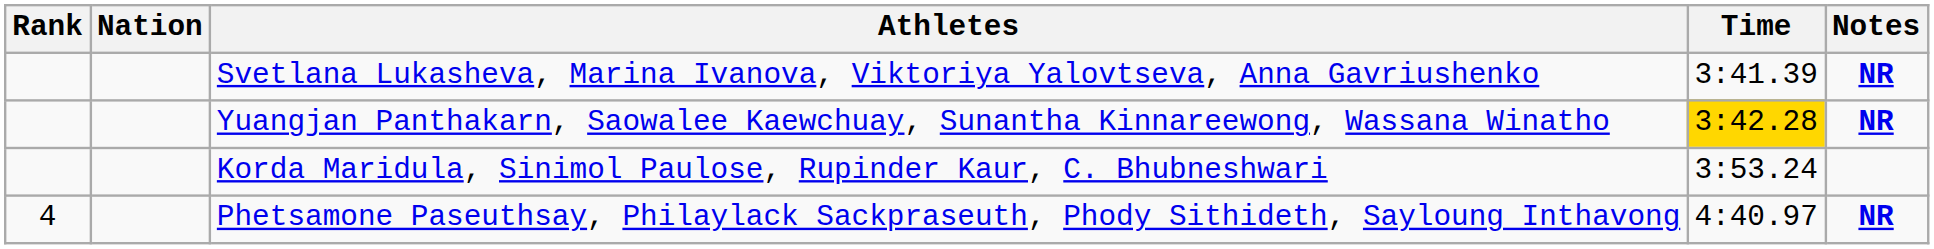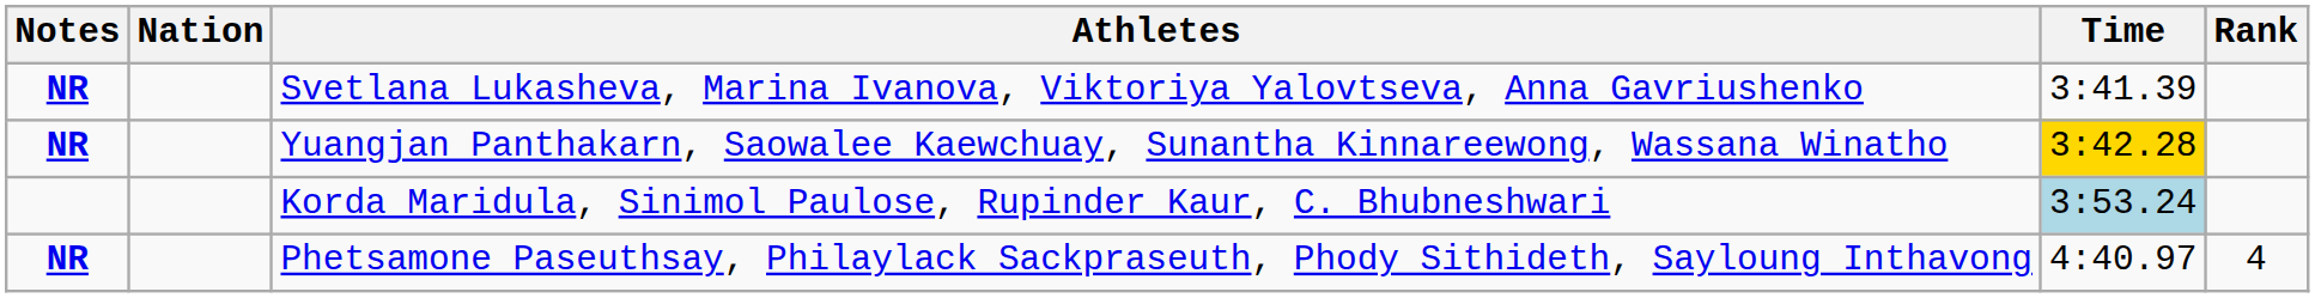 <table class="wikitable sortable" style="text-align:center;font-size:95%">
 <tr>
-<th>Rank</th>
+<th>Notes</th>
 <th>Nation</th>
 <th>Athletes</th>
 <th>Time</th>
-<th>Notes</th>
+<th>Rank</th>
 </tr>
 <tr>
-<td></td>
+<td><strong><a href='#'>NR</a></strong></td>
 <td align=left></td>
 <td align=left><a href='#'>Svetlana Lukasheva</a>, <a href='#'>Marina Ivanova</a>, <a href='#'>Viktoriya Yalovtseva</a>, <a href='#'>Anna Gavriushenko</a></td>
 <td>3:41.39</td>
-<td><strong><a href='#'>NR</a></strong></td>
+<td></td>
 </tr>
 <tr>
-<td></td>
+<td><strong><a href='#'>NR</a></strong></td>
 <td align=left></td>
 <td align=left><a href='#'>Yuangjan Panthakarn</a>, <a href='#'>Saowalee Kaewchuay</a>, <a href='#'>Sunantha Kinnareewong</a>, <a href='#'>Wassana Winatho</a></td>
 <td style="background: gold;">3:42.28</td>
-<td><strong><a href='#'>NR</a></strong></td>
+<td></td>
 </tr>
 <tr>
 <td></td>
 <td align=left></td>
 <td align=left><a href='#'>Korda Maridula</a>, <a href='#'>Sinimol Paulose</a>, <a href='#'>Rupinder Kaur</a>, <a href='#'>C. Bhubneshwari</a></td>
-<td>3:53.24</td>
+<td style="background: lightblue;">3:53.24</td>
 <td></td>
 </tr>
 <tr>
-<td>4</td>
+<td><strong><a href='#'>NR</a></strong></td>
 <td align=left></td>
 <td align=left><a href='#'>Phetsamone Paseuthsay</a>, <a href='#'>Philaylack Sackpraseuth</a>, <a href='#'>Phody Sithideth</a>, <a href='#'>Sayloung Inthavong</a></td>
 <td>4:40.97</td>
-<td><strong><a href='#'>NR</a></strong></td>
+<td>4</td>
 </tr>
 </table>
